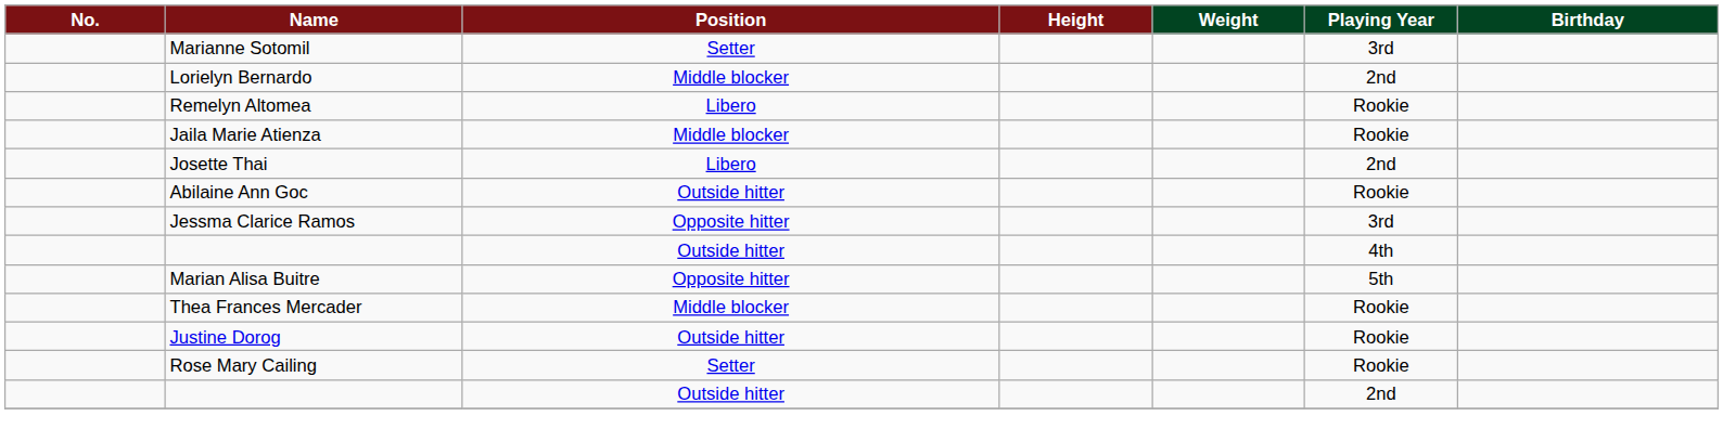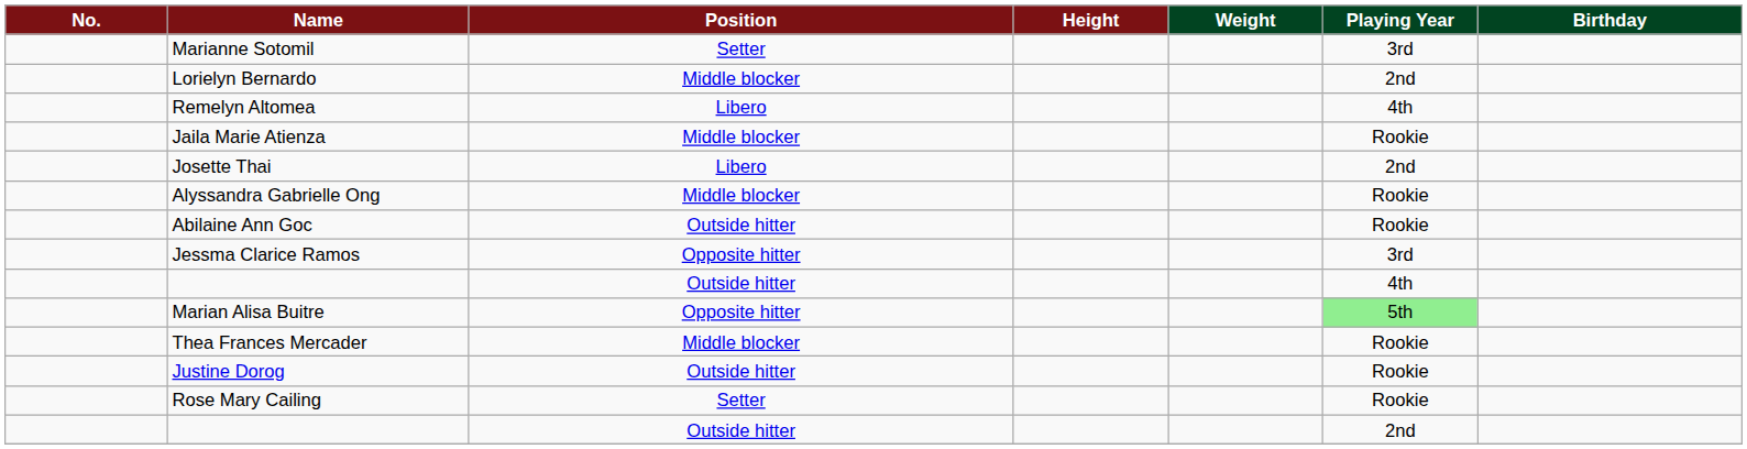 <table class="wikitable sortable" style="font-size:83%; text-align:center; width:100%;">
 <tr>
 <th style="background:#7b1113; color:white; text-align: center">No.</th>
 <th style="width:16em; background:#7b1113; color:white;">Name</th>
 <th style="background:#7b1113; color:white; text-align: center">Position</th>
 <th style="width:8em; background:#7b1113; color:white;">Height</th>
 <th style="width:8em; background:#014421; color:white;">Weight</th>
 <th style="width:8em; background:#014421; color:white;">Playing Year</th>
 <th style="width:14em; background:#014421; color:white;">Birthday</th>
 </tr>
 <tr>
 <td></td>
 <td align=left> Marianne Sotomil</td>
 <td><a href='#'>Setter</a></td>
 <td></td>
 <td></td>
 <td>3rd</td>
 <td align=right></td>
 </tr>
 <tr>
 <td></td>
 <td align=left> Lorielyn Bernardo</td>
 <td><a href='#'>Middle blocker</a></td>
 <td></td>
 <td></td>
 <td>2nd</td>
 <td align=right></td>
 </tr>
 <tr>
 <td></td>
 <td align=left> Remelyn Altomea</td>
 <td><a href='#'>Libero</a></td>
 <td></td>
 <td></td>
-<td>Rookie</td>
+<td>4th</td>
 <td align=right></td>
 </tr>
 <tr>
 <td></td>
 <td align=left> Jaila Marie Atienza</td>
 <td><a href='#'>Middle blocker</a></td>
 <td></td>
 <td></td>
 <td>Rookie</td>
 <td align=right></td>
 </tr>
 <tr>
 <td></td>
 <td align=left> Josette Thai</td>
 <td><a href='#'>Libero</a></td>
 <td></td>
 <td></td>
 <td>2nd</td>
+<td align=right></td>
+</tr>
+<tr>
+<td></td>
+<td align=left> Alyssandra Gabrielle Ong</td>
+<td><a href='#'>Middle blocker</a></td>
+<td></td>
+<td></td>
+<td>Rookie</td>
 <td align=right></td>
 </tr>
 <tr>
 <td></td>
 <td align=left> Abilaine Ann Goc</td>
 <td><a href='#'>Outside hitter</a></td>
 <td></td>
 <td></td>
 <td>Rookie</td>
 <td align=right></td>
 </tr>
 <tr>
 <td></td>
 <td align=left> Jessma Clarice Ramos</td>
 <td><a href='#'>Opposite hitter</a></td>
 <td></td>
 <td></td>
 <td>3rd</td>
 <td align=right></td>
 </tr>
 <tr>
 <td></td>
 <td align=left> </td>
 <td><a href='#'>Outside hitter</a></td>
 <td></td>
 <td></td>
 <td>4th</td>
 <td align=right></td>
 </tr>
 <tr>
 <td></td>
 <td align=left> Marian Alisa Buitre</td>
 <td><a href='#'>Opposite hitter</a></td>
 <td></td>
 <td></td>
-<td>5th</td>
+<td style="background: lightgreen;">5th</td>
 <td align=right></td>
 </tr>
 <tr>
 <td></td>
 <td align=left> Thea Frances Mercader</td>
 <td><a href='#'>Middle blocker</a></td>
 <td></td>
 <td></td>
 <td>Rookie</td>
 <td align=right></td>
 </tr>
 <tr>
 <td></td>
 <td align=left> <a href='#'>Justine Dorog</a></td>
 <td><a href='#'>Outside hitter</a></td>
 <td></td>
 <td></td>
 <td>Rookie</td>
 <td align=right></td>
 </tr>
 <tr>
 <td></td>
 <td align=left> Rose Mary Cailing</td>
 <td><a href='#'>Setter</a></td>
 <td></td>
 <td></td>
 <td>Rookie</td>
 <td align=right></td>
 </tr>
 <tr>
 <td></td>
 <td align=left> </td>
 <td><a href='#'>Outside hitter</a></td>
 <td></td>
 <td></td>
 <td>2nd</td>
 <td align=right></td>
 </tr>
 <tr>
 </tr>
 </table>
